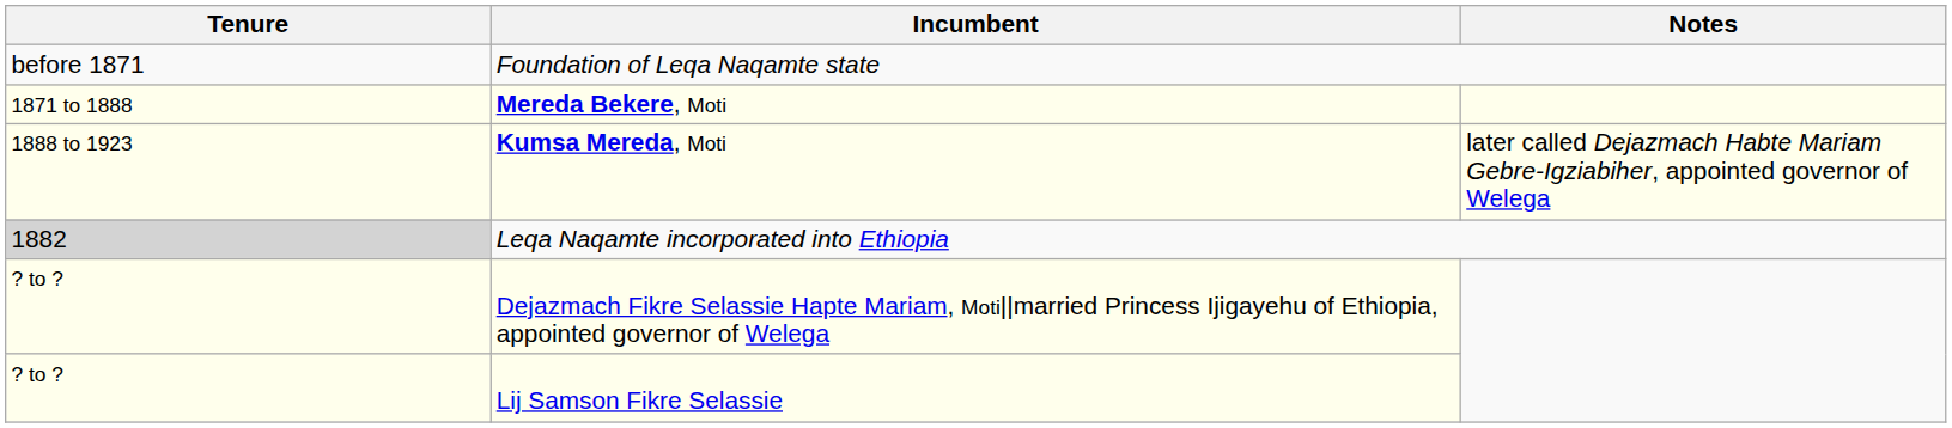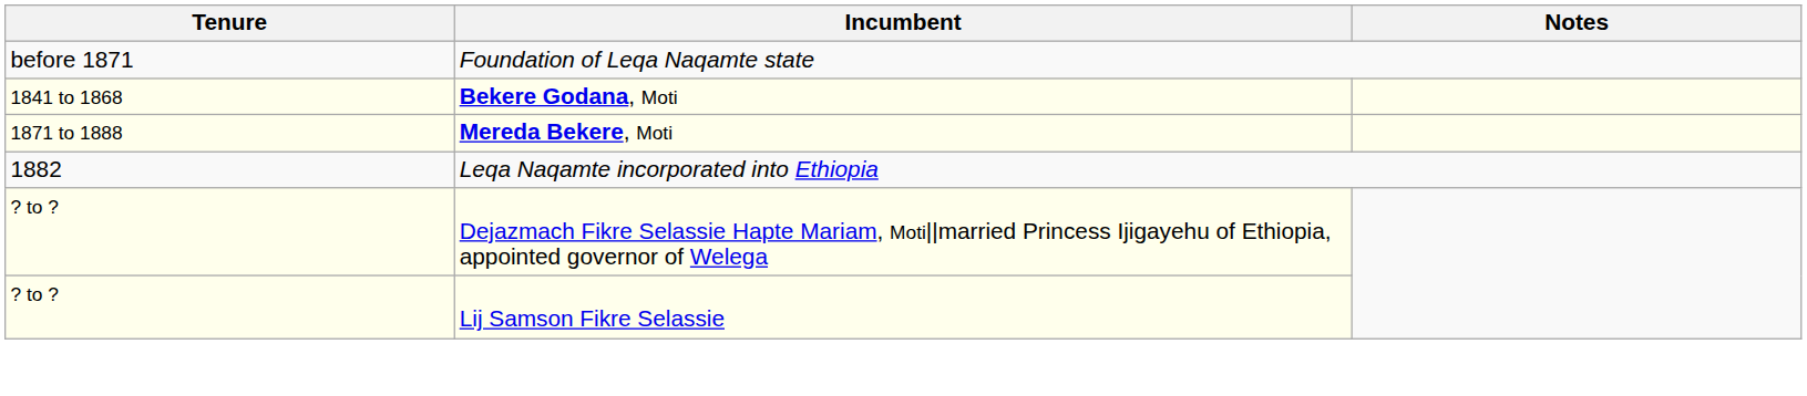 <table class="wikitable">
 <tr align=left>
 <th width="20%">Tenure</th>
 <th width="40%">Incumbent</th>
 <th width="20%">Notes</th>
 </tr>
 <tr valign=top>
 <td>before 1871</td>
 <td colspan="2"><em>Foundation of Leqa Naqamte state</em></td>
 </tr>
 <tr valign=top bgcolor="#ffffec">
+<td><small>1841 to 1868</small></td>
+<td><strong><a href='#'>Bekere Godana</a></strong>, <small>Moti</small></td>
+<td></td>
+</tr>
+<tr valign=top bgcolor="#ffffec">
 <td><small>1871 to 1888</small></td>
 <td><strong><a href='#'>Mereda Bekere</a></strong>, <small>Moti</small></td>
 <td></td>
 </tr>
-<tr valign=top bgcolor="#ffffec">
-<td><small>1888 to 1923</small></td>
-<td><strong><a href='#'>Kumsa Mereda</a></strong>, <small>Moti</small></td>
-<td>later called <em>Dejazmach Habte Mariam Gebre-Igziabiher</em>, appointed governor of <a href='#'>Welega</a></td>
-</tr>
 <tr valign=top>
-<td style="background: lightgrey;">1882</td>
+<td>1882</td>
 <td colspan="2"><em>Leqa Naqamte incorporated into <a href='#'>Ethiopia</a></em></td>
 </tr>
 <tr valign=top bgcolor="#ffffec">
 <td><small>? to ?</small></td>
 <td><br><a href='#'>Dejazmach Fikre Selassie Hapte Mariam</a>,  <small>Moti</small>||married Princess Ijigayehu of Ethiopia, appointed governor of <a href='#'>Welega</a></td>
 </tr>
 <tr valign=top bgcolor="#ffffec">
 <td><small>? to ?</small></td>
 <td><br><a href='#'>Lij Samson Fikre Selassie</a></td>
 </tr>
 </table>
